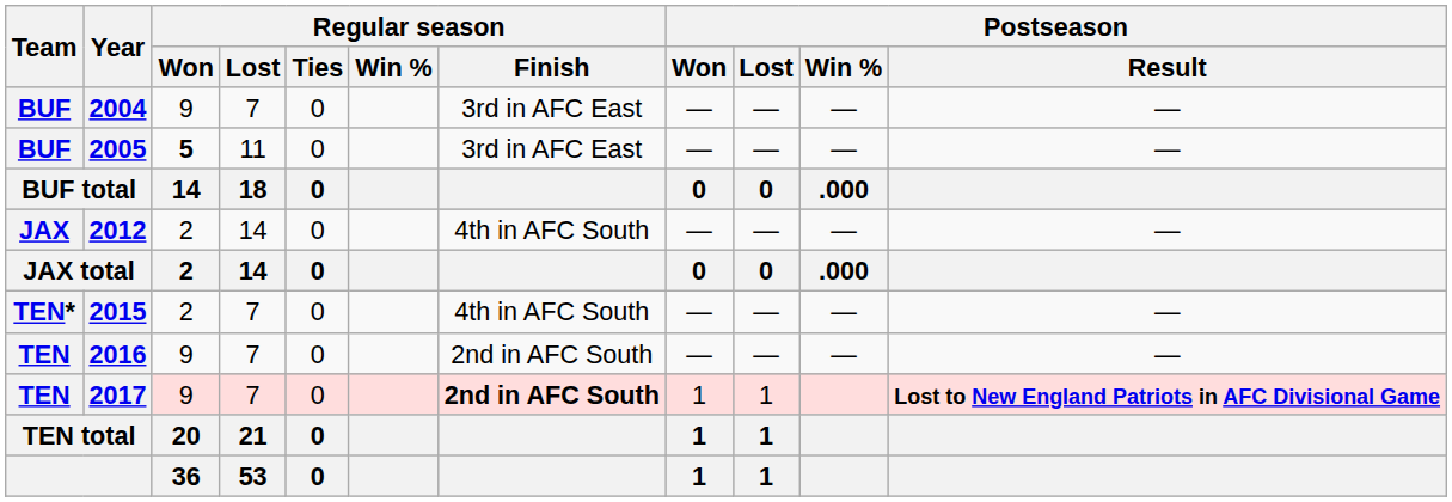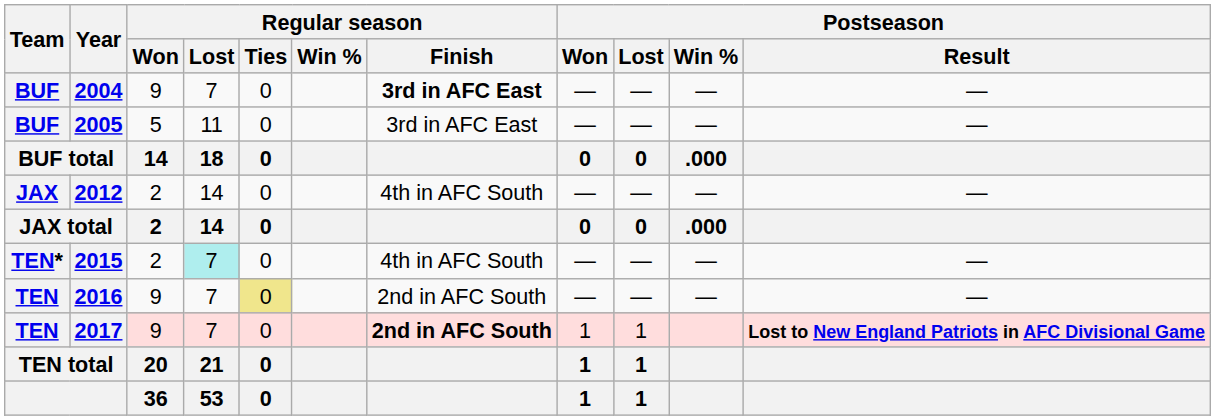 <table class="wikitable" style="font-size: 95%; text-align: center;">
 <tr>
 <th rowspan="2">Team</th>
 <th rowspan="2">Year</th>
 <th colspan="5">Regular season</th>
 <th colspan="4">Postseason</th>
 </tr>
 <tr>
 <th>Won</th>
 <th>Lost</th>
 <th>Ties</th>
 <th>Win %</th>
 <th>Finish</th>
 <th>Won</th>
 <th>Lost</th>
 <th>Win %</th>
 <th>Result</th>
 </tr>
 <tr>
 <th><a href='#'>BUF</a></th>
 <th><a href='#'>2004</a></th>
 <td>9</td>
 <td>7</td>
 <td>0</td>
 <td></td>
-<td>3rd in AFC East</td>
+<td><strong>3rd in AFC East</strong></td>
 <td>—</td>
 <td>—</td>
 <td>—</td>
 <td>—</td>
 </tr>
 <tr>
 <th><a href='#'>BUF</a></th>
 <th><a href='#'>2005</a></th>
-<td><strong>5</strong></td>
+<td>5</td>
 <td>11</td>
 <td>0</td>
 <td></td>
 <td>3rd in AFC East</td>
 <td>—</td>
 <td>—</td>
 <td>—</td>
 <td>—</td>
 </tr>
 <tr>
 <th colspan="2">BUF total</th>
 <th>14</th>
 <th>18</th>
 <th>0</th>
 <th></th>
 <th></th>
 <th>0</th>
 <th>0</th>
 <th>.000</th>
 <th></th>
 </tr>
 <tr>
 <th><a href='#'>JAX</a></th>
 <th><a href='#'>2012</a></th>
 <td>2</td>
 <td>14</td>
 <td>0</td>
 <td></td>
 <td>4th in AFC South</td>
 <td>—</td>
 <td>—</td>
 <td>—</td>
 <td>—</td>
 </tr>
 <tr>
 <th colspan="2">JAX total</th>
 <th>2</th>
 <th>14</th>
 <th>0</th>
 <th></th>
 <th></th>
 <th>0</th>
 <th>0</th>
 <th>.000</th>
 <th></th>
 </tr>
 <tr>
 <th><a href='#'>TEN</a>*</th>
 <th><a href='#'>2015</a></th>
 <td>2</td>
-<td>7</td>
+<td style="background: paleturquoise;">7</td>
 <td>0</td>
 <td></td>
 <td>4th in AFC South</td>
 <td>—</td>
 <td>—</td>
 <td>—</td>
 <td>—</td>
 </tr>
 <tr>
 <th><a href='#'>TEN</a></th>
 <th><a href='#'>2016</a></th>
 <td>9</td>
 <td>7</td>
-<td>0</td>
+<td style="background: khaki;">0</td>
 <td></td>
 <td>2nd in AFC South</td>
 <td>—</td>
 <td>—</td>
 <td>—</td>
 <td>—</td>
 </tr>
 <tr style="background:#fdd;">
 <th><a href='#'>TEN</a></th>
 <th><a href='#'>2017</a></th>
 <td>9</td>
 <td>7</td>
 <td>0</td>
 <td></td>
 <td><strong>2nd in AFC South</strong></td>
 <td>1</td>
 <td>1</td>
 <td></td>
 <td><small><strong>Lost to <a href='#'>New England Patriots</a> in <a href='#'>AFC Divisional Game</a></strong></small></td>
 </tr>
 <tr>
 <th colspan="2">TEN total</th>
 <th>20</th>
 <th>21</th>
 <th>0</th>
 <th></th>
 <th></th>
 <th>1</th>
 <th>1</th>
 <th></th>
 <th></th>
 </tr>
 <tr>
 <th colspan="2"></th>
 <th>36</th>
 <th>53</th>
 <th>0</th>
 <th></th>
 <th></th>
 <th>1</th>
 <th>1</th>
 <th></th>
 <th></th>
 </tr>
 </table>
